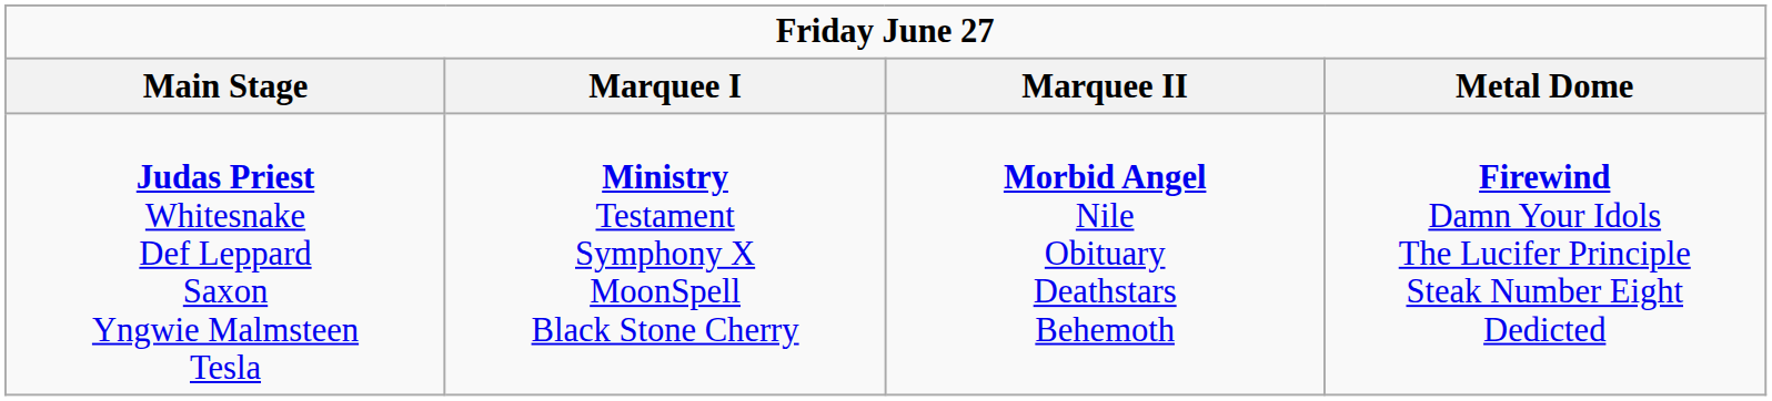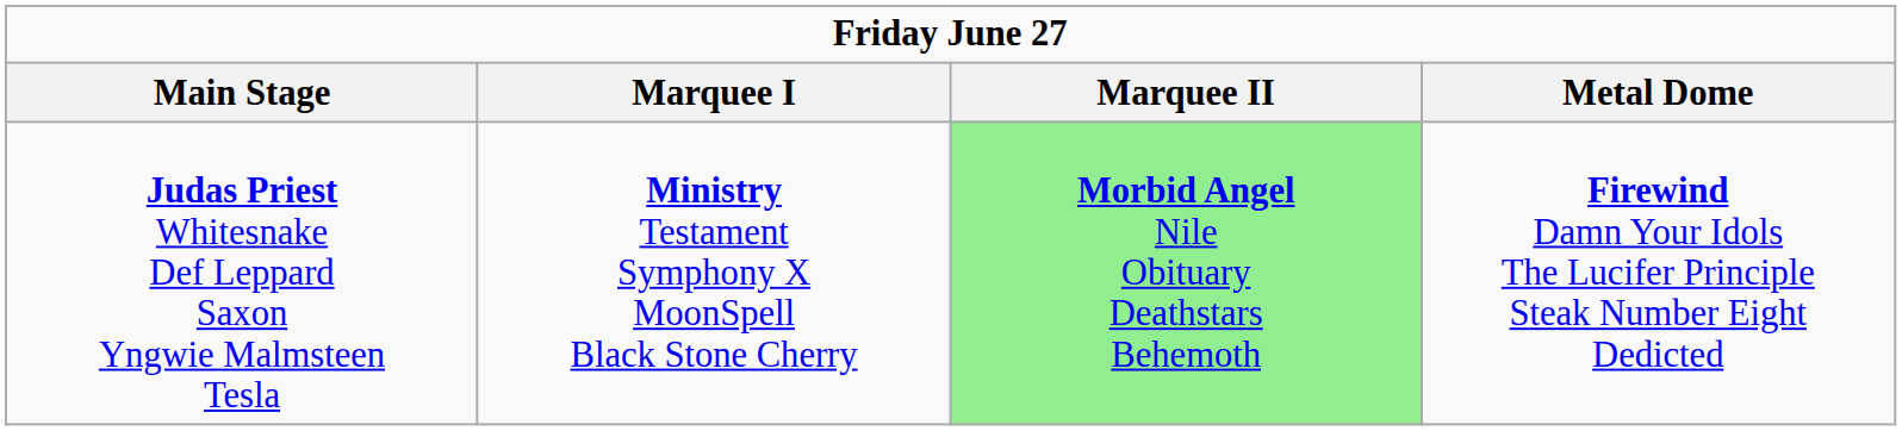 <table class="wikitable">
 <tr>
 <td colspan="4" style="text-align:center;"><strong>Friday June 27</strong></td>
 </tr>
 <tr>
 <th>Main Stage</th>
 <th>Marquee I</th>
 <th>Marquee II</th>
 <th>Metal Dome</th>
 </tr>
 <tr>
 <td style="text-align:center; vertical-align:top; width:200px;"><br><strong><a href='#'>Judas Priest</a></strong> <br> <a href='#'>Whitesnake</a> <br> <a href='#'>Def Leppard</a> <br><a href='#'>Saxon</a> <br><a href='#'>Yngwie Malmsteen</a> <br><a href='#'>Tesla</a></td>
 <td style="text-align:center; vertical-align:top; width:200px;"><br><strong><a href='#'>Ministry</a></strong> <br><a href='#'>Testament</a> <br><a href='#'>Symphony X</a> <br><a href='#'>MoonSpell</a> <br><a href='#'>Black Stone Cherry</a></td>
-<td style="text-align:center; vertical-align:top; width:200px;"><br><strong><a href='#'>Morbid Angel</a></strong> <br><a href='#'>Nile</a> <br><a href='#'>Obituary</a> <br><a href='#'>Deathstars</a> <br><a href='#'>Behemoth</a></td>
+<td style="background: lightgreen; text-align:center; vertical-align:top; width:200px;"><br><strong><a href='#'>Morbid Angel</a></strong> <br><a href='#'>Nile</a> <br><a href='#'>Obituary</a> <br><a href='#'>Deathstars</a> <br><a href='#'>Behemoth</a></td>
 <td style="text-align:center; vertical-align:top; width:200px;"><br><strong><a href='#'>Firewind</a></strong> <br><a href='#'>Damn Your Idols</a> <br><a href='#'>The Lucifer Principle</a> <br><a href='#'>Steak Number Eight</a> <br><a href='#'>Dedicted</a></td>
 </tr>
 </table>
